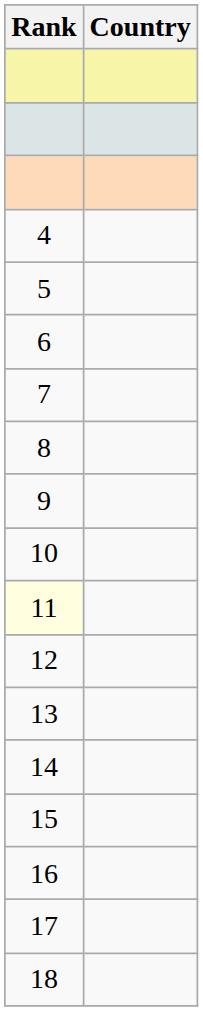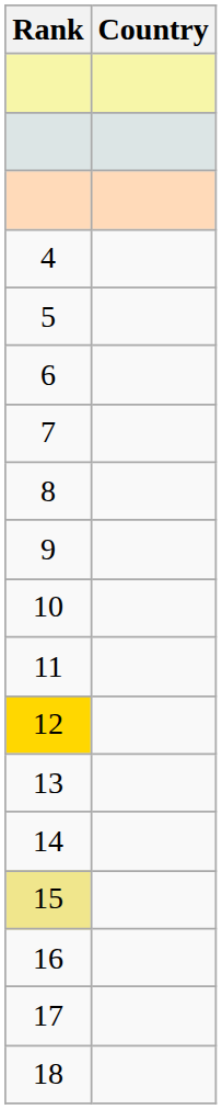 <table class="wikitable">
 <tr>
 <th>Rank</th>
 <th>Country</th>
 </tr>
 <tr bgcolor="#F7F6A8">
 <td align="center" style="height:23px"></td>
 <td></td>
 </tr>
 <tr bgcolor="#DCE5E5">
 <td align="center" style="height:23px"></td>
 <td></td>
 </tr>
 <tr bgcolor="#FFDAB9">
 <td align="center" style="height:23px"></td>
 <td></td>
 </tr>
 <tr>
 <td align="center" style="height:23px">4</td>
 <td></td>
 </tr>
 <tr>
 <td align="center" style="height:23px">5</td>
 <td></td>
 </tr>
 <tr>
 <td align="center" style="height:23px">6</td>
 <td></td>
 </tr>
 <tr>
 <td align="center" style="height:23px">7</td>
 <td></td>
 </tr>
 <tr>
 <td align="center" style="height:23px">8</td>
 <td></td>
 </tr>
 <tr>
 <td align="center" style="height:23px">9</td>
 <td></td>
 </tr>
 <tr>
 <td align="center" style="height:23px">10</td>
 <td></td>
 </tr>
 <tr>
-<td align="center" style="background: lightyellow; height:23px">11</td>
+<td align="center" style="height:23px">11</td>
 <td></td>
 </tr>
 <tr>
-<td align="center" style="height:23px">12</td>
+<td align="center" style="background: gold; height:23px">12</td>
 <td></td>
 </tr>
 <tr>
 <td align="center" style="height:23px">13</td>
 <td></td>
 </tr>
 <tr>
 <td align="center" style="height:23px">14</td>
 <td></td>
 </tr>
 <tr>
-<td align="center" style="height:23px">15</td>
+<td align="center" style="background: khaki; height:23px">15</td>
 <td></td>
 </tr>
 <tr>
 <td align="center" style="height:23px">16</td>
 <td></td>
 </tr>
 <tr>
 <td align="center" style="height:23px">17</td>
 <td></td>
 </tr>
 <tr>
 <td align="center" style="height:23px">18</td>
 <td></td>
 </tr>
 </table>
